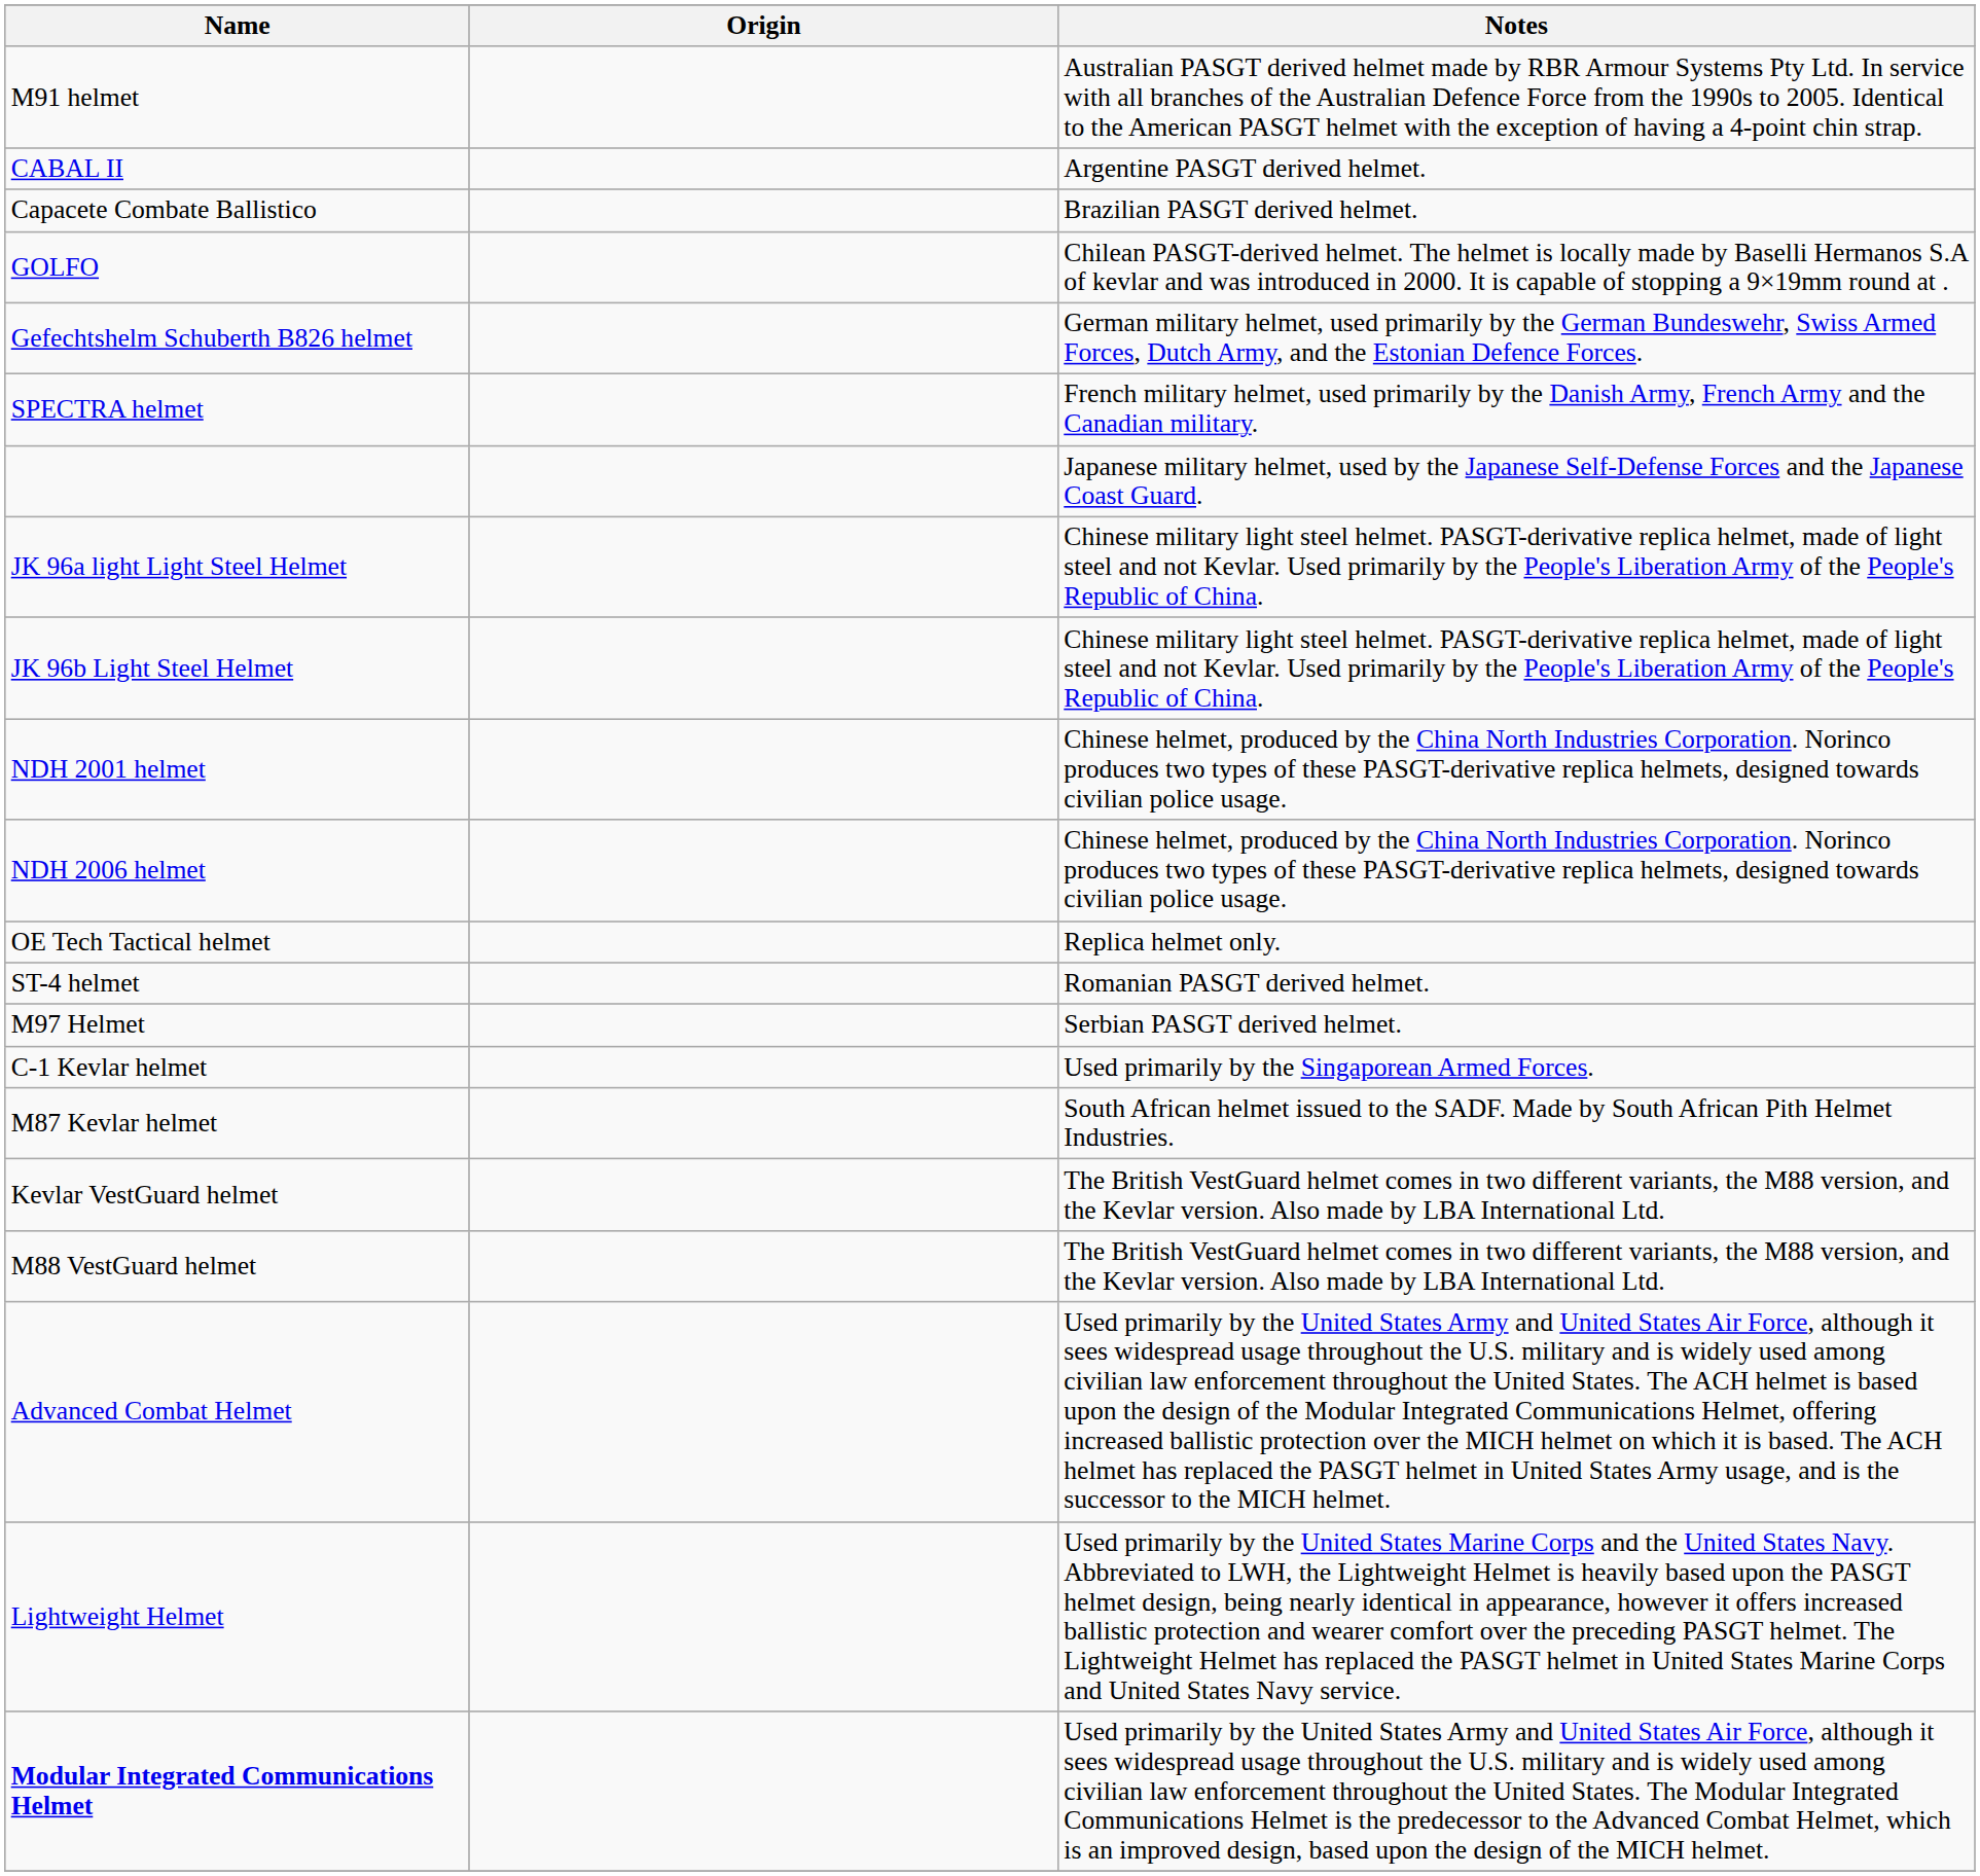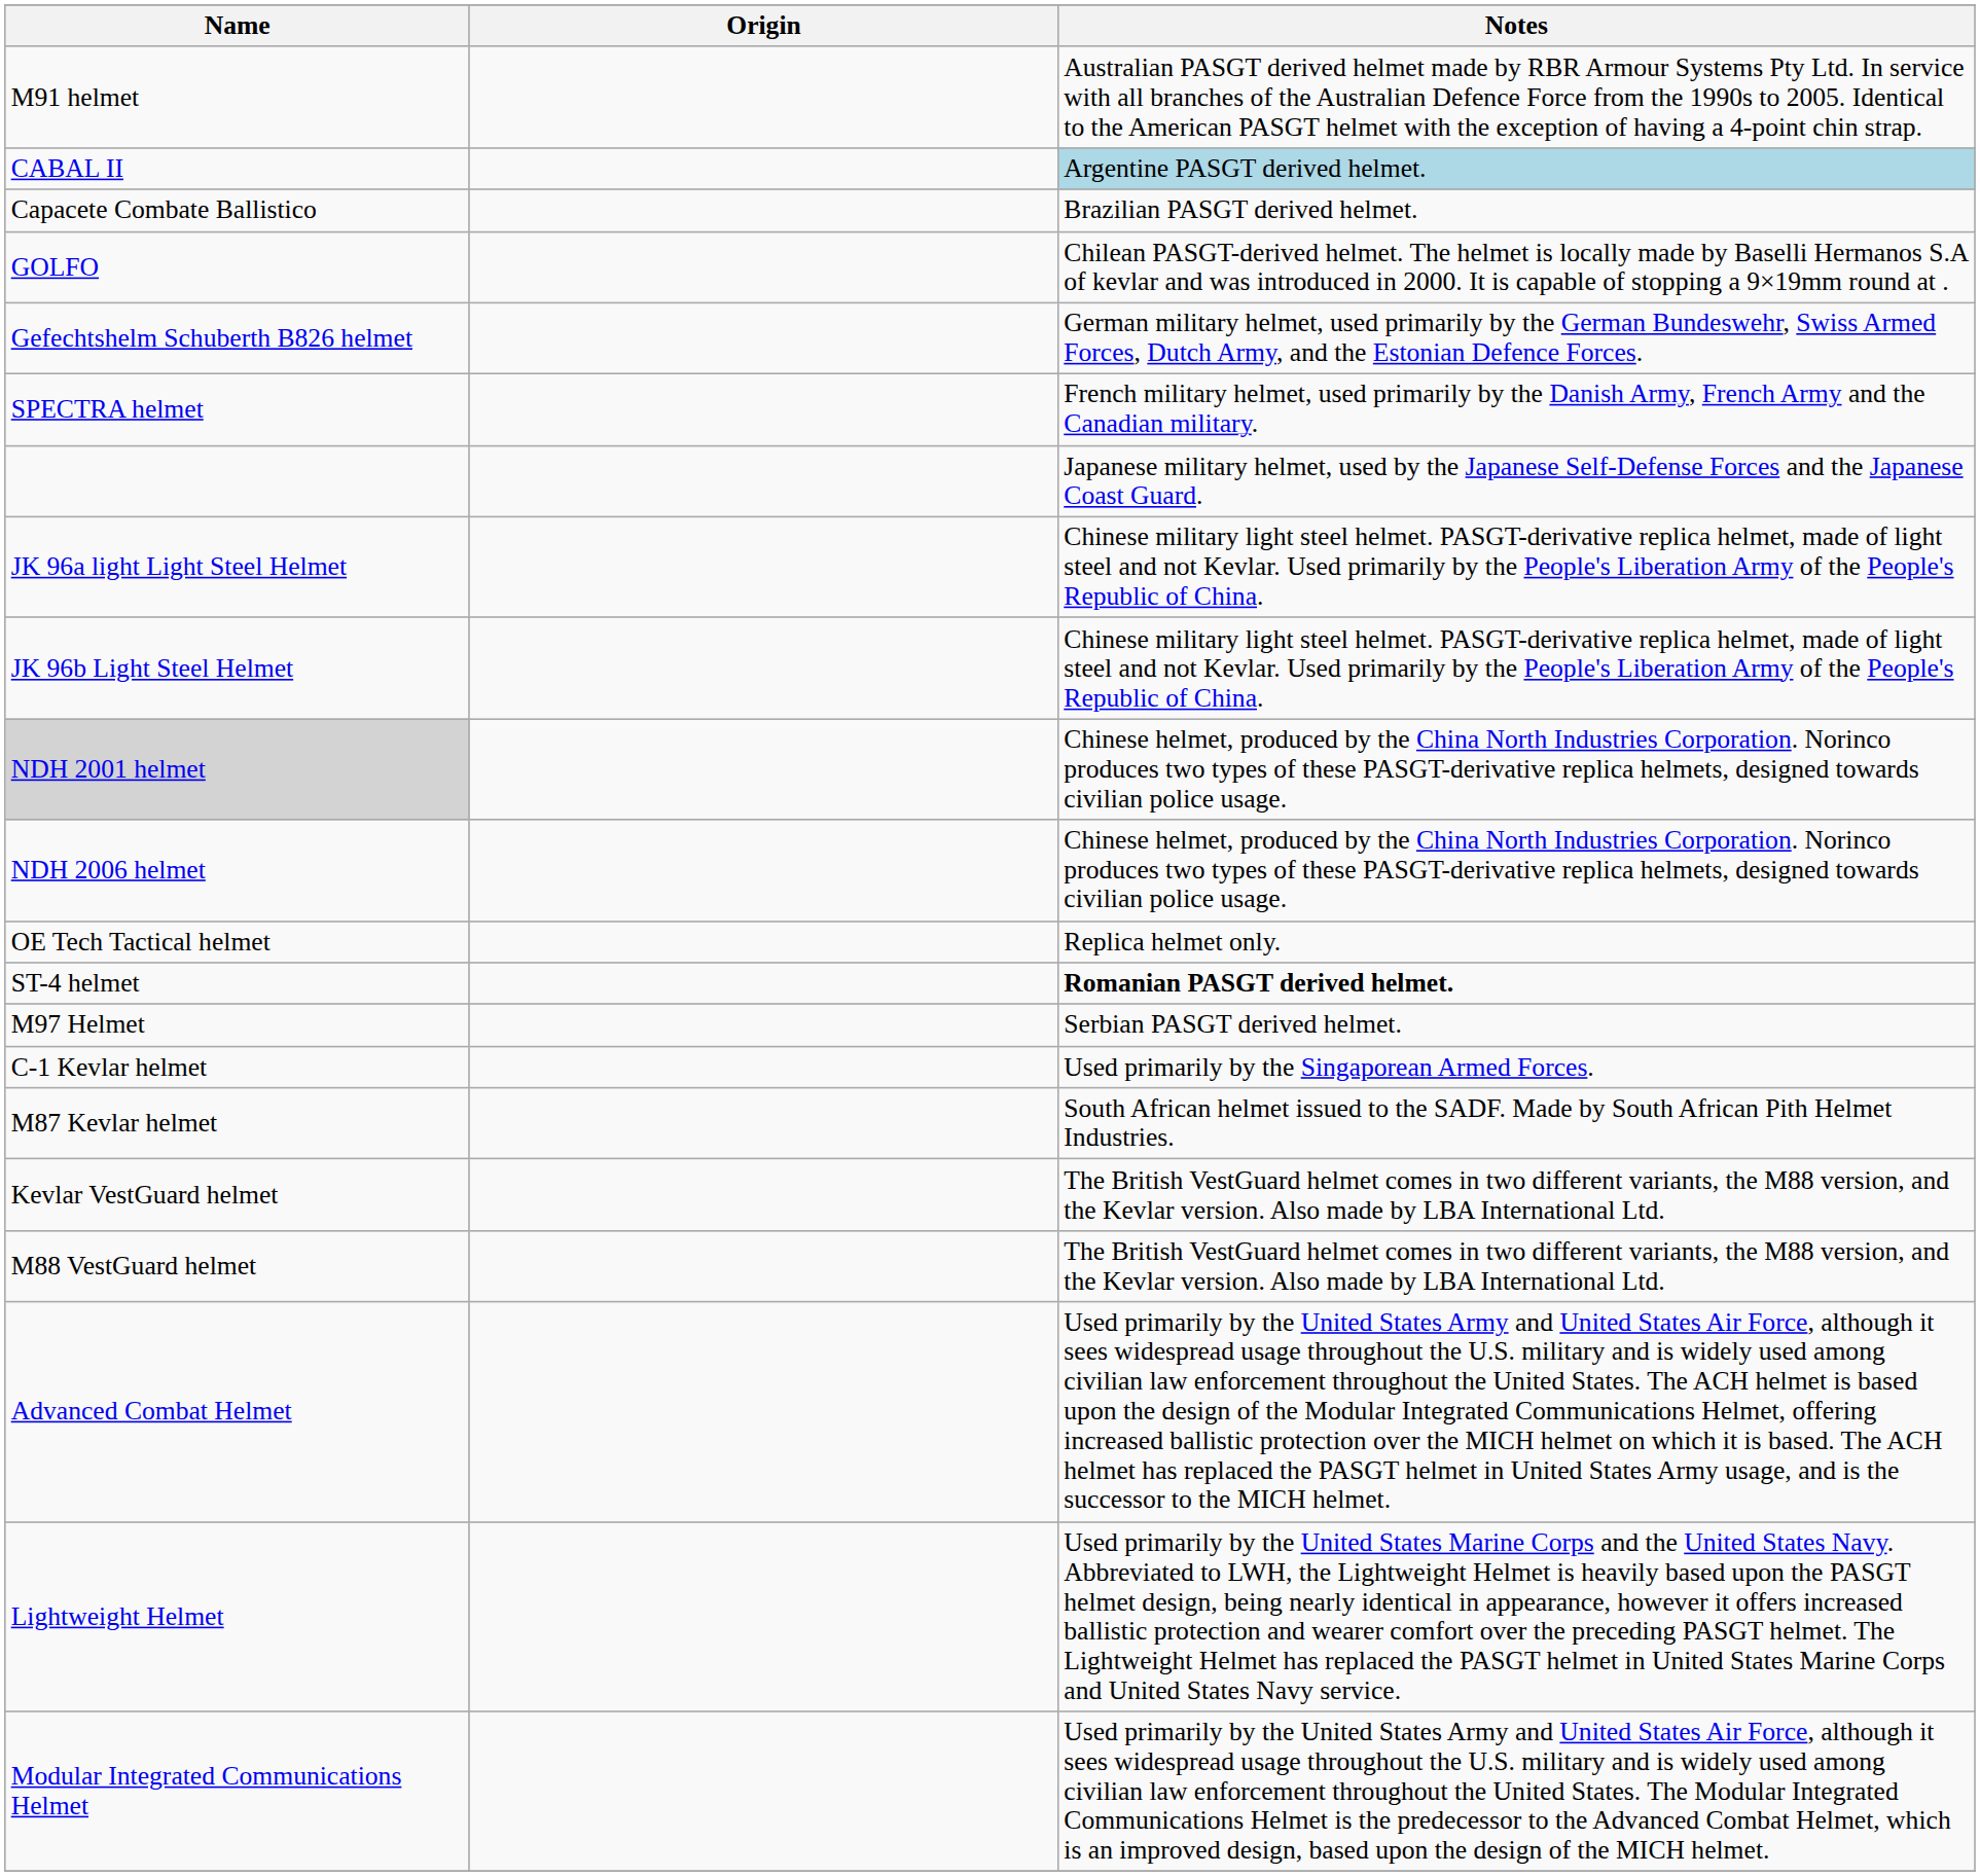 <table class="wikitable">
 <tr valign="top">
 </tr>
 <tr>
 <th width="275">Name</th>
 <th width="350">Origin</th>
 <th width="550">Notes</th>
 </tr>
 <tr>
 <td>M91 helmet</td>
 <td></td>
 <td>Australian PASGT derived helmet made by RBR Armour Systems Pty Ltd. In service with all branches of the Australian Defence Force from the 1990s to 2005. Identical to the American PASGT helmet with the exception of having a 4-point chin strap.</td>
 </tr>
 <tr>
 <td><a href='#'>CABAL II</a></td>
 <td></td>
-<td>Argentine PASGT derived helmet.</td>
+<td style="background: lightblue;">Argentine PASGT derived helmet.</td>
 </tr>
 <tr>
 <td>Capacete Combate Ballistico</td>
 <td></td>
 <td>Brazilian PASGT derived helmet.</td>
 </tr>
 <tr>
 <td><a href='#'>GOLFO</a></td>
 <td></td>
 <td>Chilean PASGT-derived helmet. The helmet is locally made by Baselli Hermanos S.A of kevlar and was introduced in 2000. It is capable of stopping a 9×19mm round at .</td>
 </tr>
 <tr>
 <td><a href='#'>Gefechtshelm Schuberth B826 helmet</a></td>
 <td></td>
 <td>German military helmet, used primarily by the <a href='#'>German Bundeswehr</a>, <a href='#'>Swiss Armed Forces</a>, <a href='#'>Dutch Army</a>, and the <a href='#'>Estonian Defence Forces</a>.</td>
 </tr>
 <tr>
 <td><a href='#'>SPECTRA helmet</a></td>
 <td></td>
 <td>French military helmet, used primarily by the <a href='#'>Danish Army</a>, <a href='#'>French Army</a> and the <a href='#'>Canadian military</a>.</td>
 </tr>
 <tr>
 <td></td>
 <td></td>
 <td>Japanese military helmet, used by the <a href='#'>Japanese Self-Defense Forces</a> and the <a href='#'>Japanese Coast Guard</a>.</td>
 </tr>
 <tr>
 <td><a href='#'>JK 96a light Light Steel Helmet</a></td>
 <td></td>
 <td>Chinese military light steel helmet. PASGT-derivative replica helmet, made of light steel and not Kevlar. Used primarily by the <a href='#'>People's Liberation Army</a> of the <a href='#'>People's Republic of China</a>.</td>
 </tr>
 <tr>
 <td><a href='#'>JK 96b Light Steel Helmet</a></td>
 <td></td>
 <td>Chinese military light steel helmet. PASGT-derivative replica helmet, made of light steel and not Kevlar. Used primarily by the <a href='#'>People's Liberation Army</a> of the <a href='#'>People's Republic of China</a>.</td>
 </tr>
 <tr>
-<td><a href='#'>NDH 2001 helmet</a></td>
+<td style="background: lightgrey;"><a href='#'>NDH 2001 helmet</a></td>
 <td></td>
 <td>Chinese helmet, produced by the <a href='#'>China North Industries Corporation</a>. Norinco produces two types of these PASGT-derivative replica helmets, designed towards civilian police usage.</td>
 </tr>
 <tr>
 <td><a href='#'>NDH 2006 helmet</a></td>
 <td></td>
 <td>Chinese helmet, produced by the <a href='#'>China North Industries Corporation</a>. Norinco produces two types of these PASGT-derivative replica helmets, designed towards civilian police usage.</td>
 </tr>
 <tr>
 <td>OE Tech Tactical helmet</td>
 <td></td>
 <td>Replica helmet only.</td>
 </tr>
 <tr>
 <td>ST-4 helmet</td>
 <td></td>
-<td>Romanian PASGT derived helmet.</td>
+<td><strong>Romanian PASGT derived helmet.</strong></td>
 </tr>
 <tr>
 <td>M97 Helmet</td>
 <td></td>
 <td>Serbian PASGT derived helmet.</td>
 </tr>
 <tr>
 <td>C-1 Kevlar helmet</td>
 <td></td>
 <td>Used primarily by the <a href='#'>Singaporean Armed Forces</a>.</td>
 </tr>
 <tr>
 <td>M87 Kevlar helmet</td>
 <td></td>
 <td>South African helmet issued to the SADF. Made by South African Pith Helmet Industries.</td>
 </tr>
 <tr>
 <td>Kevlar VestGuard helmet</td>
 <td></td>
 <td>The British VestGuard helmet comes in two different variants, the M88 version, and the Kevlar version. Also made by LBA International Ltd.</td>
 </tr>
 <tr>
 <td>M88 VestGuard helmet</td>
 <td></td>
 <td>The British VestGuard helmet comes in two different variants, the M88 version, and the Kevlar version. Also made by LBA International Ltd.</td>
 </tr>
 <tr>
 <td><a href='#'>Advanced Combat Helmet</a></td>
 <td></td>
 <td>Used primarily by the <a href='#'>United States Army</a> and <a href='#'>United States Air Force</a>, although it sees widespread usage throughout the U.S. military and is widely used among civilian law enforcement throughout the United States. The ACH helmet is based upon the design of the Modular Integrated Communications Helmet, offering increased ballistic protection over the MICH helmet on which it is based. The ACH helmet has replaced the PASGT helmet in United States Army usage, and is the successor to the MICH helmet.</td>
 </tr>
 <tr>
 <td><a href='#'>Lightweight Helmet</a></td>
 <td></td>
 <td>Used primarily by the <a href='#'>United States Marine Corps</a> and the <a href='#'>United States Navy</a>. Abbreviated to LWH, the Lightweight Helmet is heavily based upon the PASGT helmet design, being nearly identical in appearance, however it offers increased ballistic protection and wearer comfort over the preceding PASGT helmet. The Lightweight Helmet has replaced the PASGT helmet in United States Marine Corps and United States Navy service.</td>
 </tr>
 <tr>
-<td><strong><a href='#'>Modular Integrated Communications Helmet</a></strong></td>
+<td><a href='#'>Modular Integrated Communications Helmet</a></td>
 <td></td>
 <td>Used primarily by the United States Army and <a href='#'>United States Air Force</a>, although it sees widespread usage throughout the U.S. military and is widely used among civilian law enforcement throughout the United States. The Modular Integrated Communications Helmet is the predecessor to the Advanced Combat Helmet, which is an improved design, based upon the design of the MICH helmet.</td>
 </tr>
 <tr>
 </tr>
 </table>
